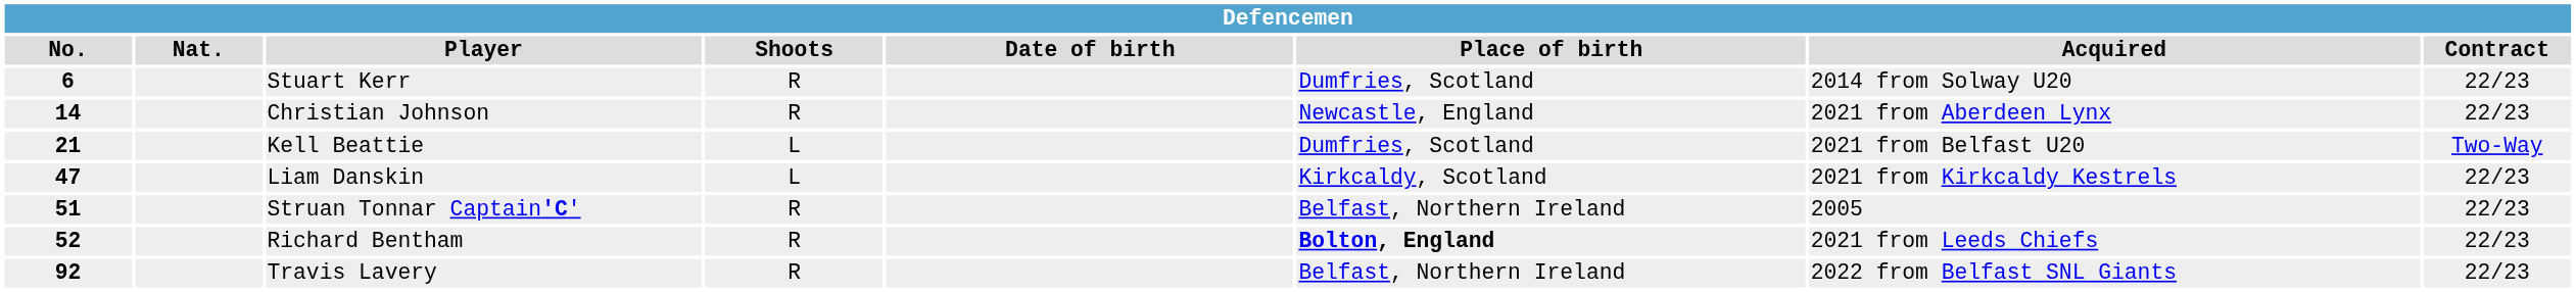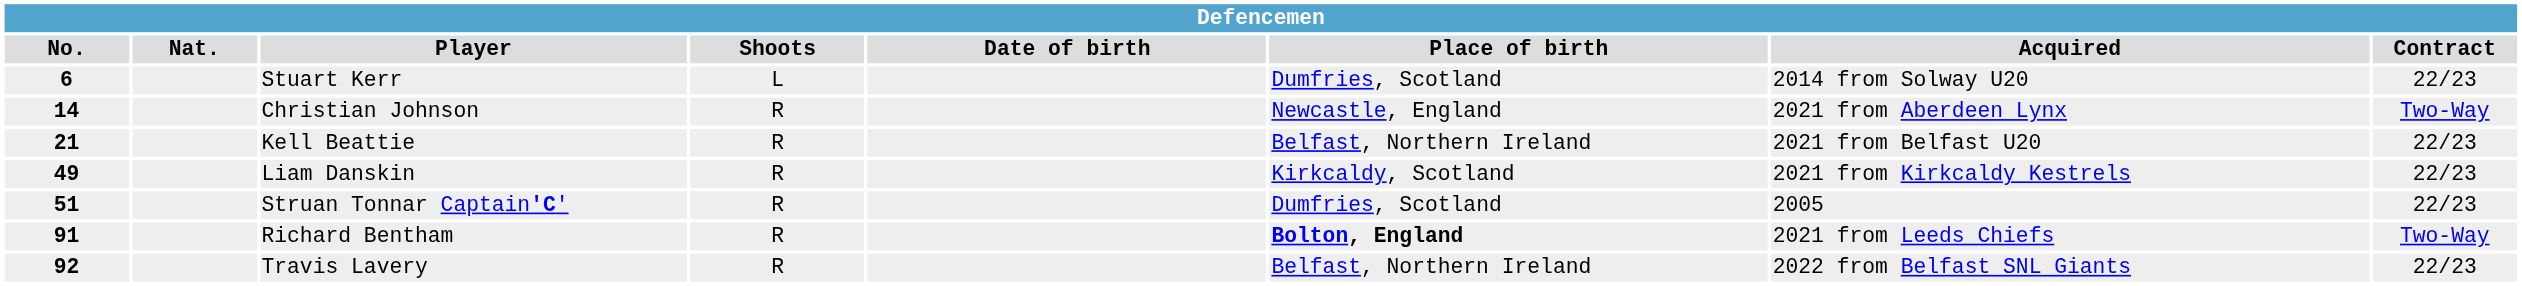 <table class="toccolours"  style="width:97%; clear:both; margin:1.5em auto; text-align:center;">
 <tr style="background:#ddd;">
 <th colspan="11" style="background:#51a4cd; color:white;”">Defencemen</th>
 </tr>
 <tr style="background:#ddd;">
 <th width=5%>No.</th>
 <th width=5%>Nat.</th>
 <th !width=22%>Player</th>
 <th width=7%>Shoots</th>
 <th width=16%>Date of birth</th>
 <th width=20%>Place of birth</th>
 <th width=24%>Acquired</th>
 <td><strong>Contract</strong></td>
 </tr>
 <tr style="background:#eee;">
 <td><strong>6</strong></td>
 <td></td>
 <td align=left>Stuart Kerr</td>
-<td>R</td>
+<td>L</td>
 <td align=left></td>
 <td align=left><a href='#'>Dumfries</a>, Scotland</td>
 <td align=left>2014 from Solway U20</td>
 <td>22/23</td>
 </tr>
 <tr style="background:#eee;">
 <td><strong>14</strong></td>
 <td></td>
 <td align=left>Christian Johnson</td>
 <td>R</td>
 <td align=left></td>
 <td align=left><a href='#'>Newcastle</a>, England</td>
 <td align=left>2021 from <a href='#'>Aberdeen Lynx</a></td>
-<td>22/23</td>
+<td><a href='#'>Two-Way</a></td>
 </tr>
 <tr style="background:#eee;">
 <td><strong>21</strong></td>
 <td></td>
 <td align=left>Kell Beattie</td>
-<td>L</td>
+<td>R</td>
 <td align=left></td>
-<td align=left><a href='#'>Dumfries</a>, Scotland</td>
+<td align=left><a href='#'>Belfast</a>, Northern Ireland</td>
 <td align=left>2021 from Belfast U20</td>
-<td><a href='#'>Two-Way</a></td>
+<td>22/23</td>
 </tr>
 <tr style="background:#eee;">
-<td><strong>47</strong></td>
+<td><strong>49</strong></td>
 <td></td>
 <td align=left>Liam Danskin</td>
-<td>L</td>
+<td>R</td>
 <td align=left></td>
 <td align=left><a href='#'>Kirkcaldy</a>, Scotland</td>
 <td align=left>2021 from <a href='#'>Kirkcaldy Kestrels</a></td>
 <td>22/23</td>
 </tr>
 <tr style="background:#eee;">
 <td><strong>51</strong></td>
 <td></td>
 <td align=left>Struan Tonnar <a href='#'>Captain</a><a href='#'><strong>'C</strong>'</a></td>
 <td>R</td>
 <td align=left></td>
-<td align=left><a href='#'>Belfast</a>, Northern Ireland</td>
+<td align=left><a href='#'>Dumfries</a>, Scotland</td>
 <td align=left>2005</td>
 <td>22/23</td>
 </tr>
 <tr style="background:#eee;">
-<td><strong>52</strong></td>
+<td><strong>91</strong></td>
 <td></td>
 <td align=left>Richard Bentham</td>
 <td>R</td>
 <td align=left></td>
 <td align=left><strong><a href='#'>Bolton</a>, England</strong></td>
 <td align=left>2021 from <a href='#'>Leeds Chiefs</a></td>
-<td>22/23</td>
+<td><a href='#'>Two-Way</a></td>
 </tr>
 <tr style="background:#eee;">
 <td><strong>92</strong></td>
 <td></td>
 <td align=left>Travis Lavery</td>
 <td>R</td>
 <td align=left></td>
 <td align=left><a href='#'>Belfast</a>, Northern Ireland</td>
 <td align=left>2022 from <a href='#'>Belfast SNL Giants</a></td>
 <td>22/23</td>
 </tr>
 </table>
